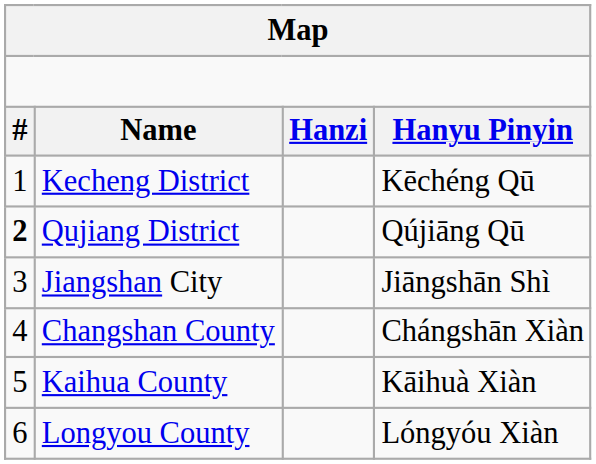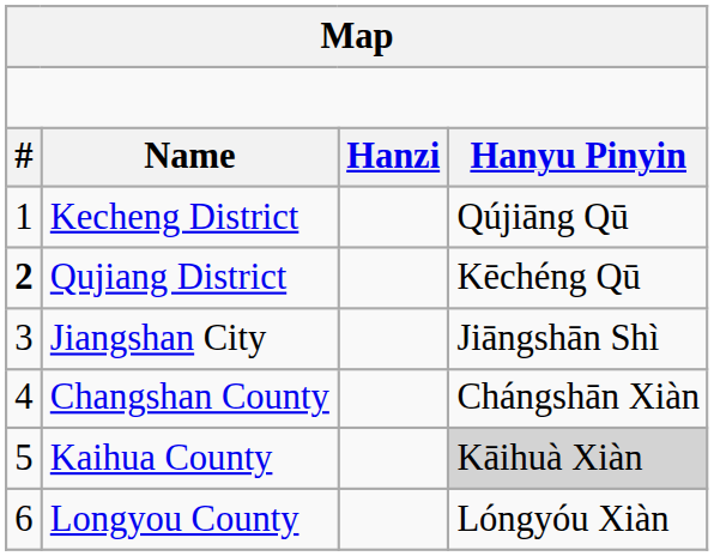 <table class="wikitable"  style="font-size:90%;" align=center>
 <tr>
 <th colspan="7" align="center">Map</th>
 </tr>
 <tr>
 <td colspan="7" align="center"><div><br>         </div></td>
 </tr>
 <tr>
 <th>#</th>
 <th>Name</th>
 <th><a href='#'>Hanzi</a></th>
 <th><a href='#'>Hanyu Pinyin</a></th>
 </tr>
 <tr --------->
 <td>1</td>
 <td><a href='#'>Kecheng District</a></td>
 <td></td>
-<td>Kēchéng Qū</td>
+<td>Qújiāng Qū</td>
 </tr>
 <tr --------->
 <td><strong>2</strong></td>
 <td><a href='#'>Qujiang District</a></td>
 <td></td>
-<td>Qújiāng Qū</td>
+<td>Kēchéng Qū</td>
 </tr>
 <tr --------->
 <td>3</td>
 <td><a href='#'>Jiangshan</a> City</td>
 <td></td>
 <td>Jiāngshān Shì</td>
 </tr>
 <tr --------->
 <td>4</td>
 <td><a href='#'>Changshan County</a></td>
 <td></td>
 <td>Chángshān Xiàn</td>
 </tr>
 <tr --------->
 <td>5</td>
 <td><a href='#'>Kaihua County</a></td>
 <td></td>
-<td>Kāihuà Xiàn</td>
+<td style="background: lightgrey;">Kāihuà Xiàn</td>
 </tr>
 <tr -------->
 <td>6</td>
 <td><a href='#'>Longyou County</a></td>
 <td></td>
 <td>Lóngyóu Xiàn</td>
 </tr>
 </table>
